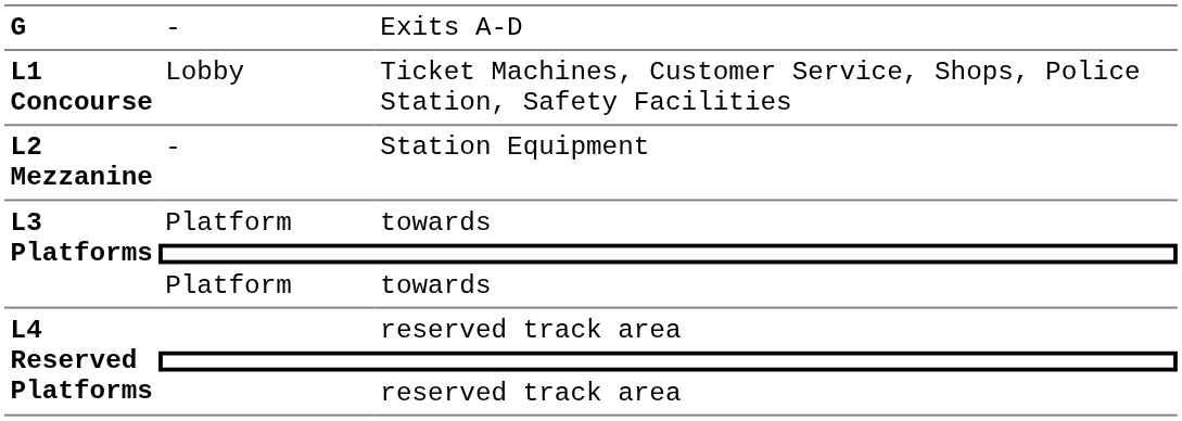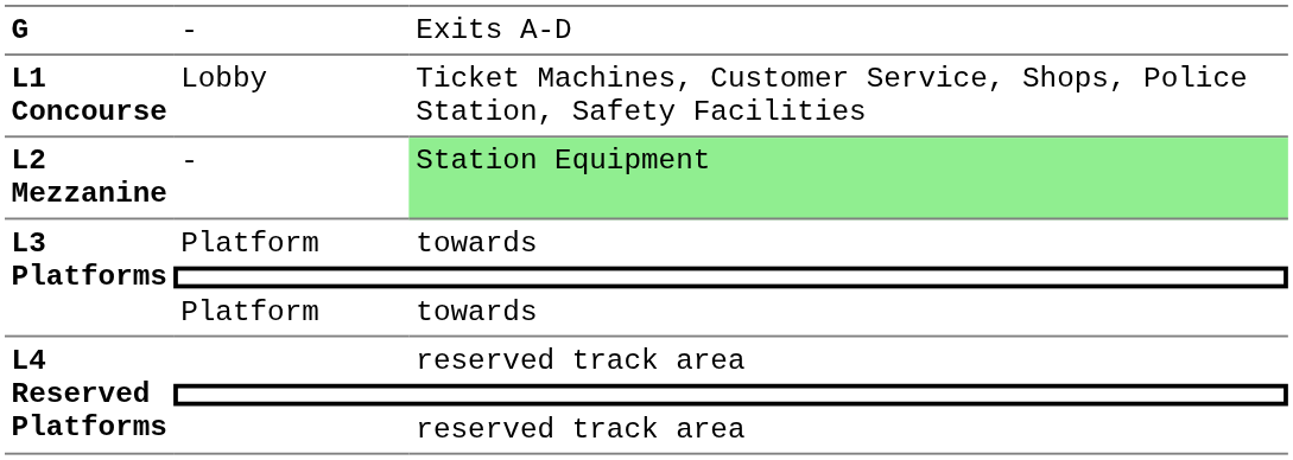 <table border=0 cellspacing=0 cellpadding=3>
 <tr>
 <td style="border-top:solid 1px gray;" width=50 valign=top><strong>G</strong></td>
 <td style="border-top:solid 1px gray;" width=100 valign=top>-</td>
 <td style="border-top:solid 1px gray;" width=390 valign=top>Exits A-D</td>
 </tr>
 <tr>
 <td style="border-bottom:solid 1px gray; border-top:solid 1px gray;" valign=top><strong>L1<br>Concourse</strong></td>
 <td style="border-bottom:solid 1px gray; border-top:solid 1px gray;" valign=top>Lobby</td>
 <td style="border-bottom:solid 1px gray; border-top:solid 1px gray;" valign=top>Ticket Machines, Customer Service, Shops, Police Station, Safety Facilities</td>
 </tr>
 <tr>
 <td style="border-bottom:solid 1px gray;" valign=top><strong>L2<br>Mezzanine</strong></td>
 <td style="border-bottom:solid 1px gray;" valign=top>-</td>
-<td style="border-bottom:solid 1px gray;" valign=top>Station Equipment</td>
+<td style="background: lightgreen; border-bottom:solid 1px gray;" valign=top>Station Equipment</td>
 </tr>
 <tr>
 <td style="border-bottom:solid 1px gray;" rowspan=3 valign=top><strong>L3<br>Platforms</strong></td>
 <td>Platform </td>
 <td>  towards  </td>
 </tr>
 <tr>
 <td style="border-right:solid 2px black;border-left:solid 2px black;border-top:solid 2px black;border-bottom:solid 2px black;text-align:center;" colspan=2></td>
 </tr>
 <tr>
 <td style="border-bottom:solid 1px gray;">Platform </td>
 <td style="border-bottom:solid 1px gray;"> towards   </td>
 </tr>
 <tr>
 <td style="border-bottom:solid 1px gray;" rowspan=3 valign=top><strong>L4<br>Reserved Platforms</strong></td>
 <td></td>
 <td> reserved track area</td>
 </tr>
 <tr>
 <td style="border-right:solid 2px black;border-left:solid 2px black;border-top:solid 2px black;border-bottom:solid 2px black;text-align:center;" colspan=2></td>
 </tr>
 <tr>
 <td style="border-bottom:solid 1px gray;"></td>
 <td style="border-bottom:solid 1px gray;"> reserved track area</td>
 </tr>
 </table>
